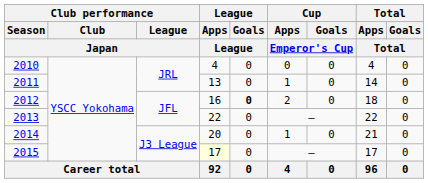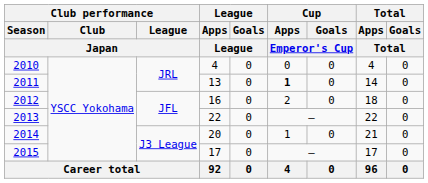 <table class="wikitable" style="text-align:center">
 <tr>
 <th colspan=3>Club performance</th>
 <th colspan=2>League</th>
 <th colspan=2>Cup</th>
 <th colspan=2>Total</th>
 </tr>
 <tr>
 <th>Season</th>
 <th>Club</th>
 <th>League</th>
 <th>Apps</th>
 <th>Goals</th>
 <th>Apps</th>
 <th>Goals</th>
 <th>Apps</th>
 <th>Goals</th>
 </tr>
 <tr>
 <th colspan=3>Japan</th>
 <th colspan=2>League</th>
 <th colspan=2><a href='#'>Emperor's Cup</a></th>
 <th colspan=2>Total</th>
 </tr>
 <tr>
 <td><a href='#'>2010</a></td>
 <td rowspan="6"><a href='#'>YSCC Yokohama</a></td>
 <td rowspan="2"><a href='#'>JRL</a></td>
 <td>4</td>
 <td>0</td>
 <td>0</td>
 <td>0</td>
 <td>4</td>
 <td>0</td>
 </tr>
 <tr>
 <td><a href='#'>2011</a></td>
 <td>13</td>
 <td>0</td>
-<td>1</td>
+<td><strong>1</strong></td>
 <td>0</td>
 <td>14</td>
 <td>0</td>
 </tr>
 <tr>
 <td><a href='#'>2012</a></td>
 <td rowspan="2"><a href='#'>JFL</a></td>
 <td>16</td>
-<td><strong>0</strong></td>
+<td>0</td>
 <td>2</td>
 <td>0</td>
 <td>18</td>
 <td>0</td>
 </tr>
 <tr>
 <td><a href='#'>2013</a></td>
 <td>22</td>
 <td>0</td>
 <td colspan="2">–</td>
 <td>22</td>
 <td>0</td>
 </tr>
 <tr>
 <td><a href='#'>2014</a></td>
 <td rowspan="2"><a href='#'>J3 League</a></td>
 <td>20</td>
 <td>0</td>
 <td>1</td>
 <td>0</td>
 <td>21</td>
 <td>0</td>
 </tr>
 <tr>
 <td><a href='#'>2015</a></td>
-<td style="background: lightyellow;">17</td>
+<td>17</td>
 <td>0</td>
 <td colspan="2">–</td>
 <td>17</td>
 <td>0</td>
 </tr>
 <tr>
 <th colspan=3>Career total</th>
 <th>92</th>
 <th>0</th>
 <th>4</th>
 <th>0</th>
 <th>96</th>
 <th>0</th>
 </tr>
 </table>
